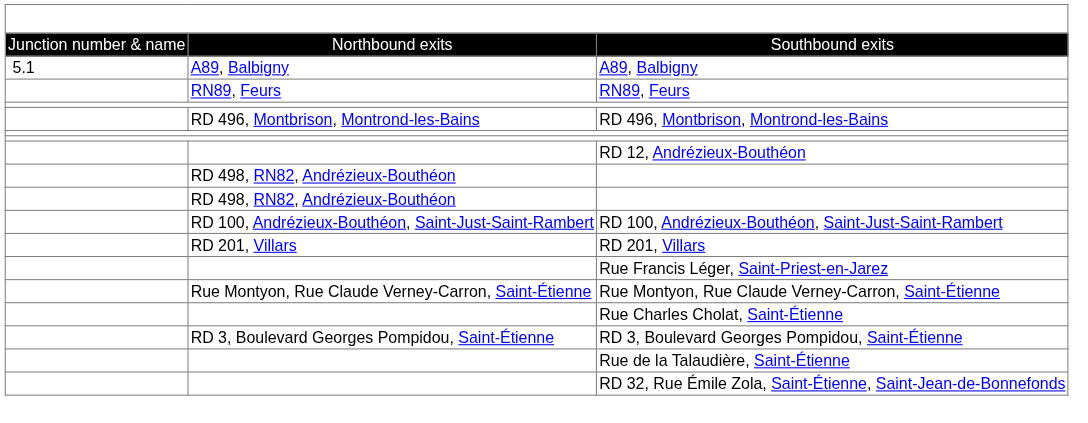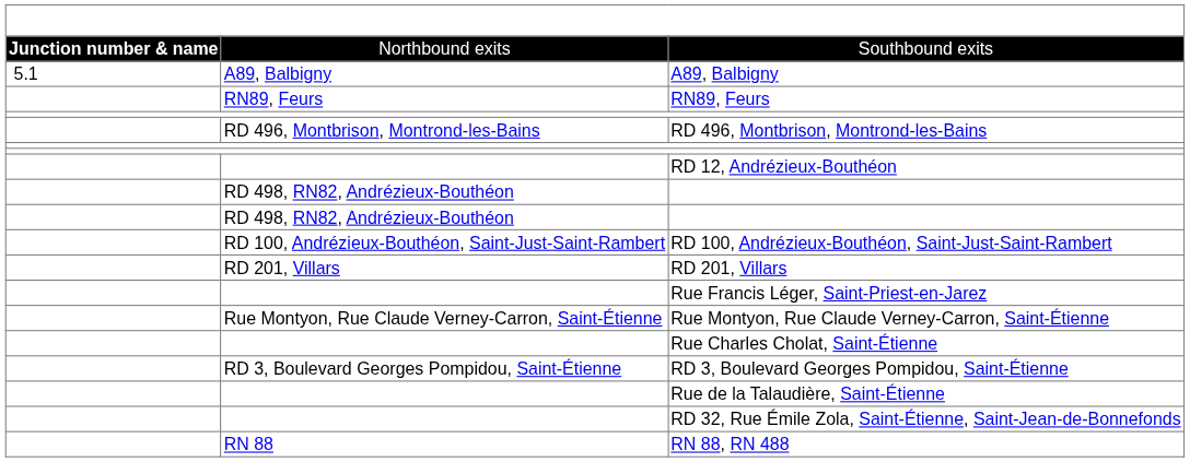 <table border=1 cellpadding=2 style="margin-left:1em; margin-bottom: 1em; color: black; border-collapse: collapse; font-size: 95%;">
 <tr align="center" bgcolor="FFFFFF" style="color: white;font-size:120%;">
 <td colspan="3"><br> </td>
 </tr>
 <tr align="center" bgcolor="000000" style="color: white">
-<td>Junction number & name</td>
+<td><strong>Junction number & name</strong></td>
 <td>Northbound exits</td>
 <td>Southbound exits</td>
 </tr>
 <tr>
 <td> 5.1</td>
 <td><a href='#'>A89</a>, <a href='#'>Balbigny</a></td>
 <td><a href='#'>A89</a>, <a href='#'>Balbigny</a></td>
 </tr>
 <tr>
 <td></td>
 <td><a href='#'>RN89</a>, <a href='#'>Feurs</a></td>
 <td><a href='#'>RN89</a>, <a href='#'>Feurs</a></td>
 </tr>
 <tr>
 <td colspan="3"></td>
 </tr>
 <tr>
 <td></td>
 <td>RD 496, <a href='#'>Montbrison</a>, <a href='#'>Montrond-les-Bains</a></td>
 <td>RD 496, <a href='#'>Montbrison</a>, <a href='#'>Montrond-les-Bains</a></td>
 </tr>
 <tr>
 <td colspan="3"></td>
 </tr>
 <tr>
 <td colspan="3"></td>
 </tr>
 <tr>
 <td></td>
 <td></td>
 <td>RD 12, <a href='#'>Andrézieux-Bouthéon</a></td>
 </tr>
 <tr>
 <td></td>
 <td>RD 498, <a href='#'>RN82</a>, <a href='#'>Andrézieux-Bouthéon</a></td>
 <td></td>
 </tr>
 <tr>
 <td></td>
 <td>RD 498, <a href='#'>RN82</a>, <a href='#'>Andrézieux-Bouthéon</a></td>
 <td></td>
 </tr>
 <tr>
 <td></td>
 <td>RD 100, <a href='#'>Andrézieux-Bouthéon</a>, <a href='#'>Saint-Just-Saint-Rambert</a></td>
 <td>RD 100, <a href='#'>Andrézieux-Bouthéon</a>, <a href='#'>Saint-Just-Saint-Rambert</a></td>
 </tr>
 <tr>
 <td></td>
 <td>RD 201, <a href='#'>Villars</a></td>
 <td>RD 201, <a href='#'>Villars</a></td>
 </tr>
 <tr>
 <td></td>
 <td></td>
 <td>Rue Francis Léger, <a href='#'>Saint-Priest-en-Jarez</a></td>
 </tr>
 <tr>
 <td></td>
 <td>Rue Montyon, Rue Claude Verney-Carron, <a href='#'>Saint-Étienne</a></td>
 <td>Rue Montyon, Rue Claude Verney-Carron, <a href='#'>Saint-Étienne</a></td>
 </tr>
 <tr>
 <td></td>
 <td></td>
 <td>Rue Charles Cholat, <a href='#'>Saint-Étienne</a></td>
 </tr>
 <tr>
 <td></td>
 <td>RD 3, Boulevard Georges Pompidou, <a href='#'>Saint-Étienne</a></td>
 <td>RD 3, Boulevard Georges Pompidou, <a href='#'>Saint-Étienne</a></td>
 </tr>
 <tr>
 <td></td>
 <td></td>
 <td>Rue de la Talaudière, <a href='#'>Saint-Étienne</a></td>
 </tr>
 <tr>
 <td></td>
 <td></td>
 <td>RD 32, Rue Émile Zola, <a href='#'>Saint-Étienne</a>, <a href='#'>Saint-Jean-de-Bonnefonds</a></td>
 </tr>
+<tr>
+<td></td>
+<td><a href='#'>RN 88</a></td>
+<td><a href='#'>RN 88</a>, <a href='#'>RN 488</a></td>
+</tr>
 </table>
